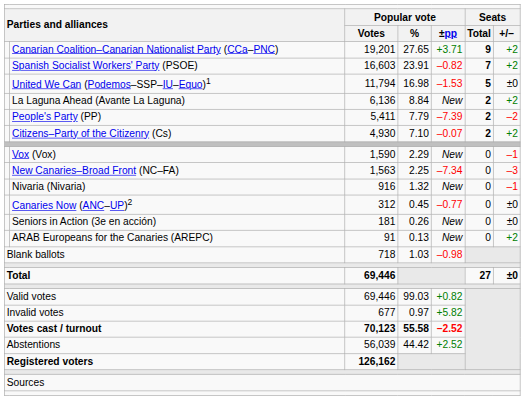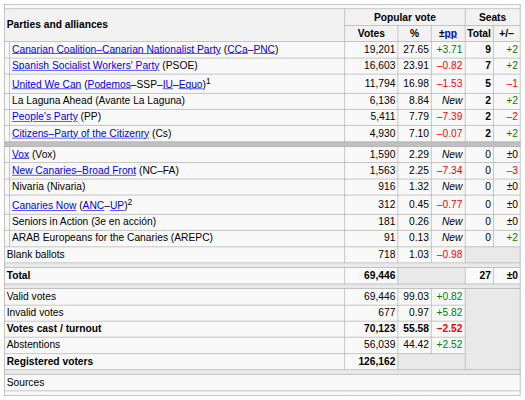 <table class="wikitable" style="text-align:right;">
 <tr>
 <td colspan="7"></td>
 </tr>
 <tr>
 <th style="text-align:left;" rowspan="2" colspan="2" width="525">Parties and alliances</th>
 <th colspan="3">Popular vote</th>
 <th colspan="2">Seats</th>
 </tr>
 <tr>
 <th width="75">Votes</th>
 <th width="45">%</th>
 <th width="45">±<a href='#'>pp</a></th>
 <th width="35">Total</th>
 <th width="35">+/−</th>
 </tr>
 <tr>
 <td width="1" style="color:inherit;background:"></td>
 <td align="left"><a href='#'>Canarian Coalition–Canarian Nationalist Party</a> (<a href='#'>CCa</a>–<a href='#'>PNC</a>)</td>
 <td>19,201</td>
 <td>27.65</td>
 <td style="color:green;">+3.71</td>
 <td><strong>9</strong></td>
 <td style="color:green;">+2</td>
 </tr>
 <tr>
 <td style="color:inherit;background:"></td>
 <td align="left"><a href='#'>Spanish Socialist Workers' Party</a> (PSOE)</td>
 <td>16,603</td>
 <td>23.91</td>
 <td style="color:red;">–0.82</td>
 <td><strong>7</strong></td>
 <td style="color:green;">+2</td>
 </tr>
 <tr>
 <td style="color:inherit;background:"></td>
 <td align="left"><a href='#'>United We Can</a> (<a href='#'>Podemos</a>–SSP–<a href='#'>IU</a>–<a href='#'>Equo</a>)<sup>1</sup></td>
 <td>11,794</td>
 <td>16.98</td>
 <td style="color:red;">–1.53</td>
 <td><strong>5</strong></td>
-<td>±0</td>
+<td style="color:red;">–1</td>
 </tr>
 <tr>
 <td style="color:inherit;background:"></td>
 <td align="left">La Laguna Ahead (Avante La Laguna)</td>
 <td>6,136</td>
 <td>8.84</td>
 <td><em>New</em></td>
 <td><strong>2</strong></td>
 <td style="color:green;">+2</td>
 </tr>
 <tr>
 <td style="color:inherit;background:"></td>
 <td align="left"><a href='#'>People's Party</a> (PP)</td>
 <td>5,411</td>
 <td>7.79</td>
 <td style="color:red;">–7.39</td>
 <td><strong>2</strong></td>
 <td style="color:red;">–2</td>
 </tr>
 <tr>
 <td style="color:inherit;background:"></td>
 <td align="left"><a href='#'>Citizens–Party of the Citizenry</a> (Cs)</td>
 <td>4,930</td>
 <td>7.10</td>
 <td style="color:red;">–0.07</td>
 <td><strong>2</strong></td>
 <td style="color:green;">+2</td>
 </tr>
 <tr>
 <td colspan="7" bgcolor="#C0C0C0"></td>
 </tr>
 <tr>
 <td style="color:inherit;background:"></td>
 <td align="left"><a href='#'>Vox</a> (Vox)</td>
 <td>1,590</td>
 <td>2.29</td>
 <td><em>New</em></td>
 <td>0</td>
-<td style="color:red;">–1</td>
+<td>±0</td>
 </tr>
 <tr>
 <td style="color:inherit;background:"></td>
 <td align="left"><a href='#'>New Canaries–Broad Front</a> (NC–FA)</td>
 <td>1,563</td>
 <td>2.25</td>
 <td style="color:red;">–7.34</td>
 <td>0</td>
 <td style="color:red;">–3</td>
 </tr>
 <tr>
 <td style="color:inherit;background:"></td>
 <td align="left">Nivaria (Nivaria)</td>
 <td>916</td>
 <td>1.32</td>
 <td><em>New</em></td>
 <td>0</td>
-<td style="color:red;">–1</td>
+<td>±0</td>
 </tr>
 <tr>
 <td style="color:inherit;background:"></td>
 <td align="left"><a href='#'>Canaries Now</a> (<a href='#'>ANC</a>–<a href='#'>UP</a>)<sup>2</sup></td>
 <td>312</td>
 <td>0.45</td>
 <td style="color:red;">–0.77</td>
 <td>0</td>
 <td>±0</td>
 </tr>
 <tr>
 <td style="color:inherit;background:"></td>
 <td align="left">Seniors in Action (3e en acción)</td>
 <td>181</td>
 <td>0.26</td>
 <td><em>New</em></td>
 <td>0</td>
 <td>±0</td>
 </tr>
 <tr>
 <td style="color:inherit;background:"></td>
 <td align="left">ARAB Europeans for the Canaries (AREPC)</td>
 <td>91</td>
 <td>0.13</td>
 <td><em>New</em></td>
 <td>0</td>
 <td style="color:green;">+2</td>
 </tr>
 <tr>
 <td align="left" colspan="2">Blank ballots</td>
 <td>718</td>
 <td>1.03</td>
 <td style="color:red;">–0.98</td>
 <td bgcolor="#E9E9E9" colspan="2"></td>
 </tr>
 <tr>
 <td colspan="7" bgcolor="#E9E9E9"></td>
 </tr>
 <tr style="font-weight:bold;">
 <td align="left" colspan="2">Total</td>
 <td>69,446</td>
 <td bgcolor="#E9E9E9" colspan="2"></td>
 <td>27</td>
 <td>±0</td>
 </tr>
 <tr>
 <td colspan="7" bgcolor="#E9E9E9"></td>
 </tr>
 <tr>
 <td align="left" colspan="2">Valid votes</td>
 <td>69,446</td>
 <td>99.03</td>
 <td style="color:green;">+0.82</td>
 <td bgcolor="#E9E9E9" colspan="2" rowspan="5"></td>
 </tr>
 <tr>
 <td align="left" colspan="2">Invalid votes</td>
 <td>677</td>
 <td>0.97</td>
 <td style="color:green;">+5.82</td>
 </tr>
 <tr style="font-weight:bold;">
 <td align="left" colspan="2">Votes cast / turnout</td>
 <td>70,123</td>
 <td>55.58</td>
 <td style="color:red;">–2.52</td>
 </tr>
 <tr>
 <td align="left" colspan="2">Abstentions</td>
 <td>56,039</td>
 <td>44.42</td>
 <td style="color:green;">+2.52</td>
 </tr>
 <tr style="font-weight:bold;">
 <td align="left" colspan="2">Registered voters</td>
 <td>126,162</td>
 <td bgcolor="#E9E9E9" colspan="2"></td>
 </tr>
 <tr>
 <td colspan="7" bgcolor="#E9E9E9"></td>
 </tr>
 <tr>
 <td align="left" colspan="7">Sources</td>
 </tr>
 <tr>
 <td colspan="7" style="text-align:left; max-width:790px;"></td>
 </tr>
 </table>
